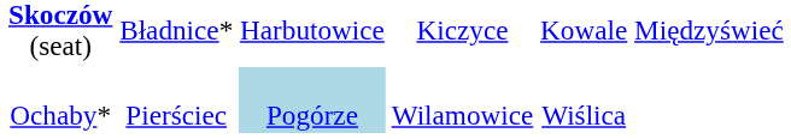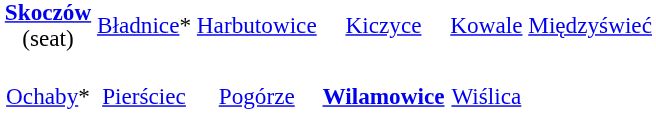 <table style="margin:1em auto; width: 150px; text-align: center; vertical-align: bottom;">
 <tr>
 <td><br><strong><a href='#'>Skoczów</a></strong><br>(seat)</td>
 <td><br><a href='#'>Bładnice</a>*</td>
 <td><br><a href='#'>Harbutowice</a></td>
 <td><br><a href='#'>Kiczyce</a></td>
 <td><br><a href='#'>Kowale</a></td>
 <td><br><a href='#'>Międzyświeć</a></td>
 </tr>
 <tr>
 <td><br><a href='#'>Ochaby</a>*</td>
 <td><br><a href='#'>Pierściec</a></td>
-<td style="background: lightblue;"><br><a href='#'>Pogórze</a></td>
-<td><br><a href='#'>Wilamowice</a></td>
+<td><br><a href='#'>Pogórze</a></td>
+<td><strong><br><a href='#'>Wilamowice</a></strong></td>
 <td><br><a href='#'>Wiślica</a></td>
 </tr>
 </table>
